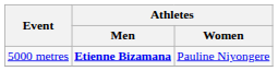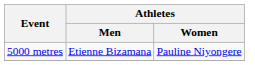 <table class=wikitable style="font-size:90%">
 <tr>
 <th rowspan=2>Event</th>
 <th colspan=2>Athletes</th>
 </tr>
 <tr>
 <th>Men</th>
 <th>Women</th>
 </tr>
 <tr>
 <td><a href='#'>5000 metres</a></td>
-<td><strong><a href='#'>Etienne Bizamana</a></strong></td>
+<td><a href='#'>Etienne Bizamana</a></td>
 <td><a href='#'>Pauline Niyongere</a></td>
 </tr>
 <tr>
 </tr>
 </table>
